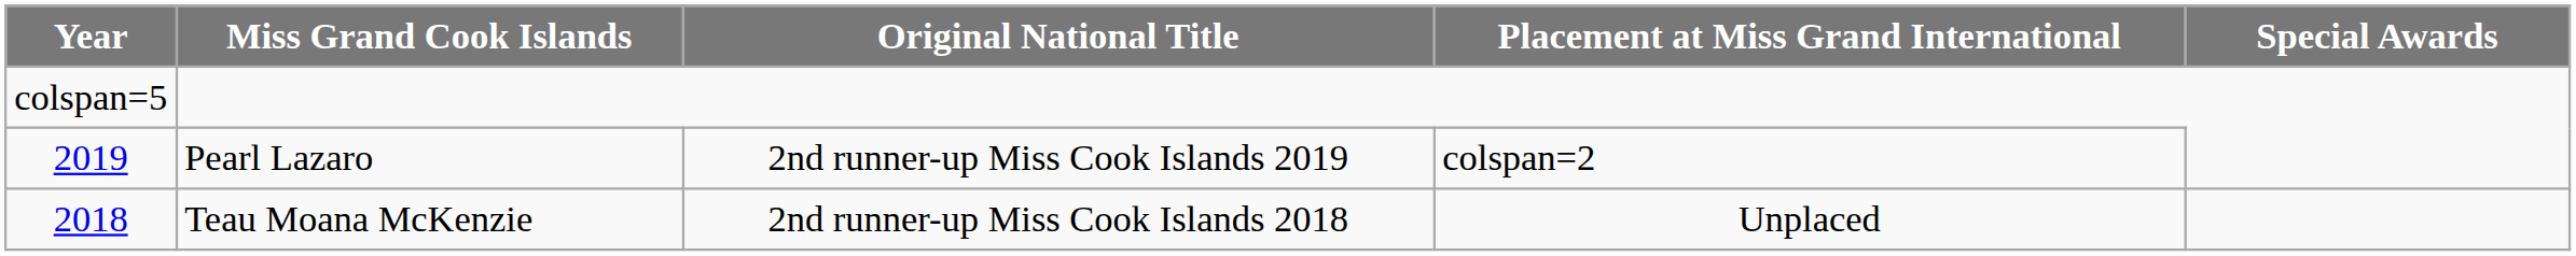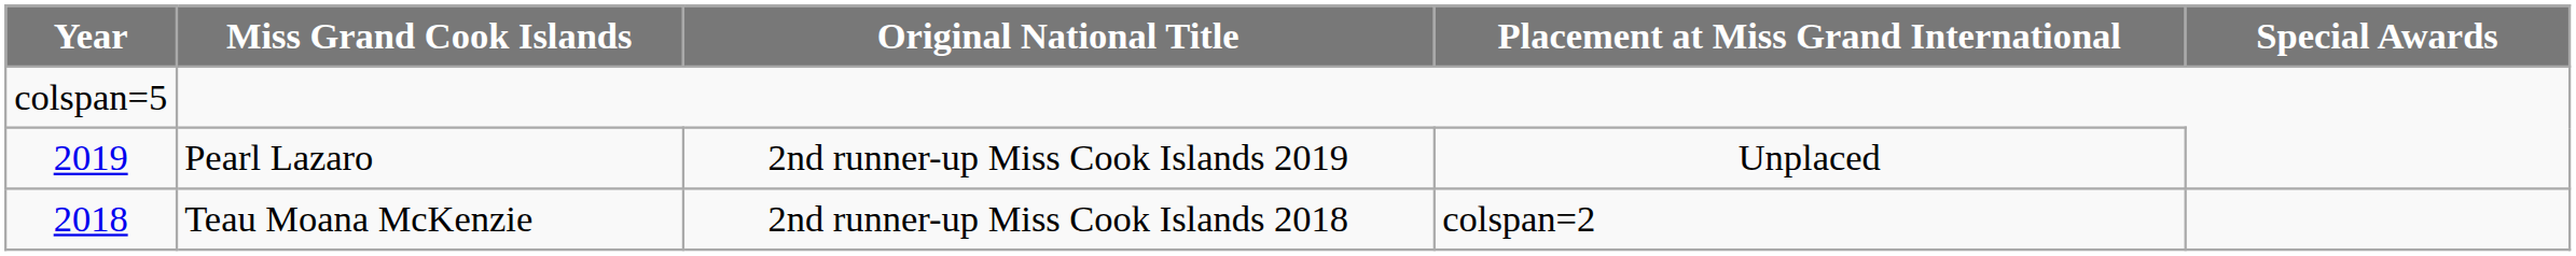 <table class="wikitable " style="font-size: 95%;">
 <tr>
 <th width="60" style="background-color:#787878;color:#FFFFFF;">Year</th>
 <th width="200" style="background-color:#787878;color:#FFFFFF;">Miss Grand Cook Islands</th>
 <th width="300" style="background-color:#787878;color:#FFFFFF;">Original National Title</th>
 <th width="300" style="background-color:#787878;color:#FFFFFF;">Placement at Miss Grand International</th>
 <th width="150" style="background-color:#787878;color:#FFFFFF;">Special Awards</th>
 </tr>
 <tr>
 <td>colspan=5 </td>
 </tr>
 <tr>
 <td align=center><a href='#'>2019</a></td>
 <td>Pearl Lazaro</td>
 <td align=center>2nd runner-up Miss Cook Islands 2019</td>
-<td>colspan=2 </td>
+<td align=center>Unplaced</td>
 </tr>
 <tr>
 <td align=center><a href='#'>2018</a></td>
 <td>Teau Moana McKenzie</td>
 <td align=center>2nd runner-up Miss Cook Islands 2018</td>
-<td align=center>Unplaced</td>
+<td>colspan=2 </td>
 <td></td>
 </tr>
 </table>
